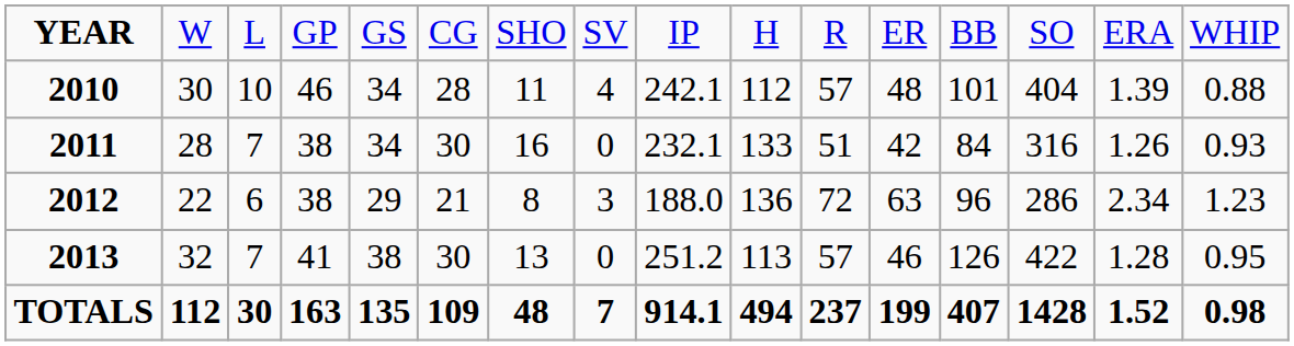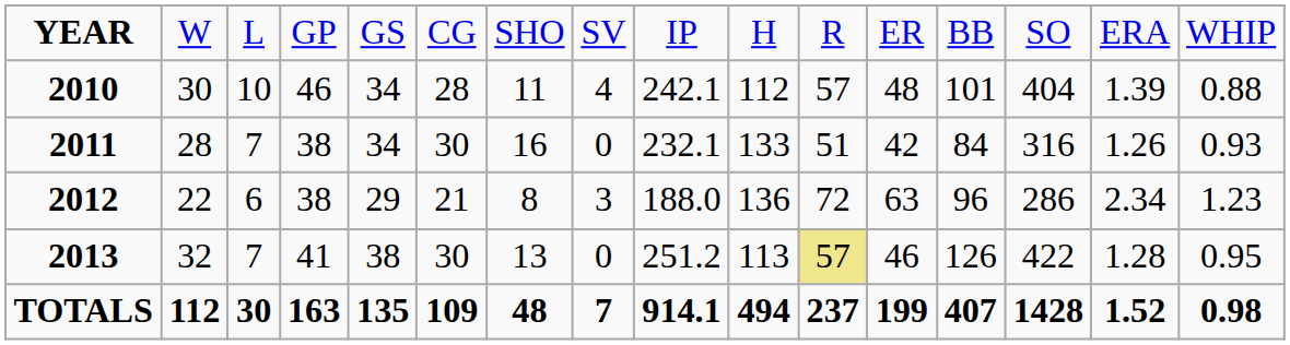 <table class="wikitable">
 <tr align=center>
 <td><strong>YEAR</strong></td>
 <td><a href='#'>W</a></td>
 <td><a href='#'>L</a></td>
 <td><a href='#'>GP</a></td>
 <td><a href='#'>GS</a></td>
 <td><a href='#'>CG</a></td>
 <td><a href='#'>SHO</a></td>
 <td><a href='#'>SV</a></td>
 <td><a href='#'>IP</a></td>
 <td><a href='#'>H</a></td>
 <td><a href='#'>R</a></td>
 <td><a href='#'>ER</a></td>
 <td><a href='#'>BB</a></td>
 <td><a href='#'>SO</a></td>
 <td><a href='#'>ERA</a></td>
 <td><a href='#'>WHIP</a></td>
 </tr>
 <tr align=center>
 <td><strong>2010</strong></td>
 <td>30</td>
 <td>10</td>
 <td>46</td>
 <td>34</td>
 <td>28</td>
 <td>11</td>
 <td>4</td>
 <td>242.1</td>
 <td>112</td>
 <td>57</td>
 <td>48</td>
 <td>101</td>
 <td>404</td>
 <td>1.39</td>
 <td>0.88</td>
 </tr>
 <tr align=center>
 <td><strong>2011</strong></td>
 <td>28</td>
 <td>7</td>
 <td>38</td>
 <td>34</td>
 <td>30</td>
 <td>16</td>
 <td>0</td>
 <td>232.1</td>
 <td>133</td>
 <td>51</td>
 <td>42</td>
 <td>84</td>
 <td>316</td>
 <td>1.26</td>
 <td>0.93</td>
 </tr>
 <tr align=center>
 <td><strong>2012</strong></td>
 <td>22</td>
 <td>6</td>
 <td>38</td>
 <td>29</td>
 <td>21</td>
 <td>8</td>
 <td>3</td>
 <td>188.0</td>
 <td>136</td>
 <td>72</td>
 <td>63</td>
 <td>96</td>
 <td>286</td>
 <td>2.34</td>
 <td>1.23</td>
 </tr>
 <tr align=center>
 <td><strong>2013</strong></td>
 <td>32</td>
 <td>7</td>
 <td>41</td>
 <td>38</td>
 <td>30</td>
 <td>13</td>
 <td>0</td>
 <td>251.2</td>
 <td>113</td>
-<td>57</td>
+<td style="background: khaki;">57</td>
 <td>46</td>
 <td>126</td>
 <td>422</td>
 <td>1.28</td>
 <td>0.95</td>
 </tr>
 <tr align=center>
 <td><strong>TOTALS</strong></td>
 <td><strong>112</strong></td>
 <td><strong>30</strong></td>
 <td><strong>163</strong></td>
 <td><strong>135</strong></td>
 <td><strong>109</strong></td>
 <td><strong>48</strong></td>
 <td><strong>7</strong></td>
 <td><strong>914.1</strong></td>
 <td><strong>494</strong></td>
 <td><strong>237</strong></td>
 <td><strong>199</strong></td>
 <td><strong>407</strong></td>
 <td><strong>1428</strong></td>
 <td><strong>1.52</strong></td>
 <td><strong>0.98</strong></td>
 </tr>
 </table>
